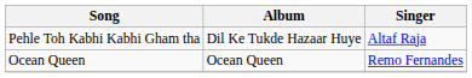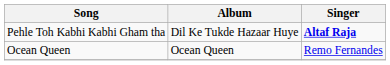 <table class="wikitable sortable">
 <tr>
 <th>Song</th>
 <th>Album</th>
 <th>Singer</th>
 </tr>
 <tr>
 <td>Pehle Toh Kabhi Kabhi Gham tha</td>
 <td>Dil Ke Tukde Hazaar Huye</td>
-<td><a href='#'>Altaf Raja</a></td>
+<td><strong><a href='#'>Altaf Raja</a></strong></td>
 </tr>
 <tr>
 <td>Ocean Queen</td>
 <td>Ocean Queen</td>
 <td><a href='#'>Remo Fernandes</a></td>
 </tr>
 <tr>
 </tr>
 </table>
